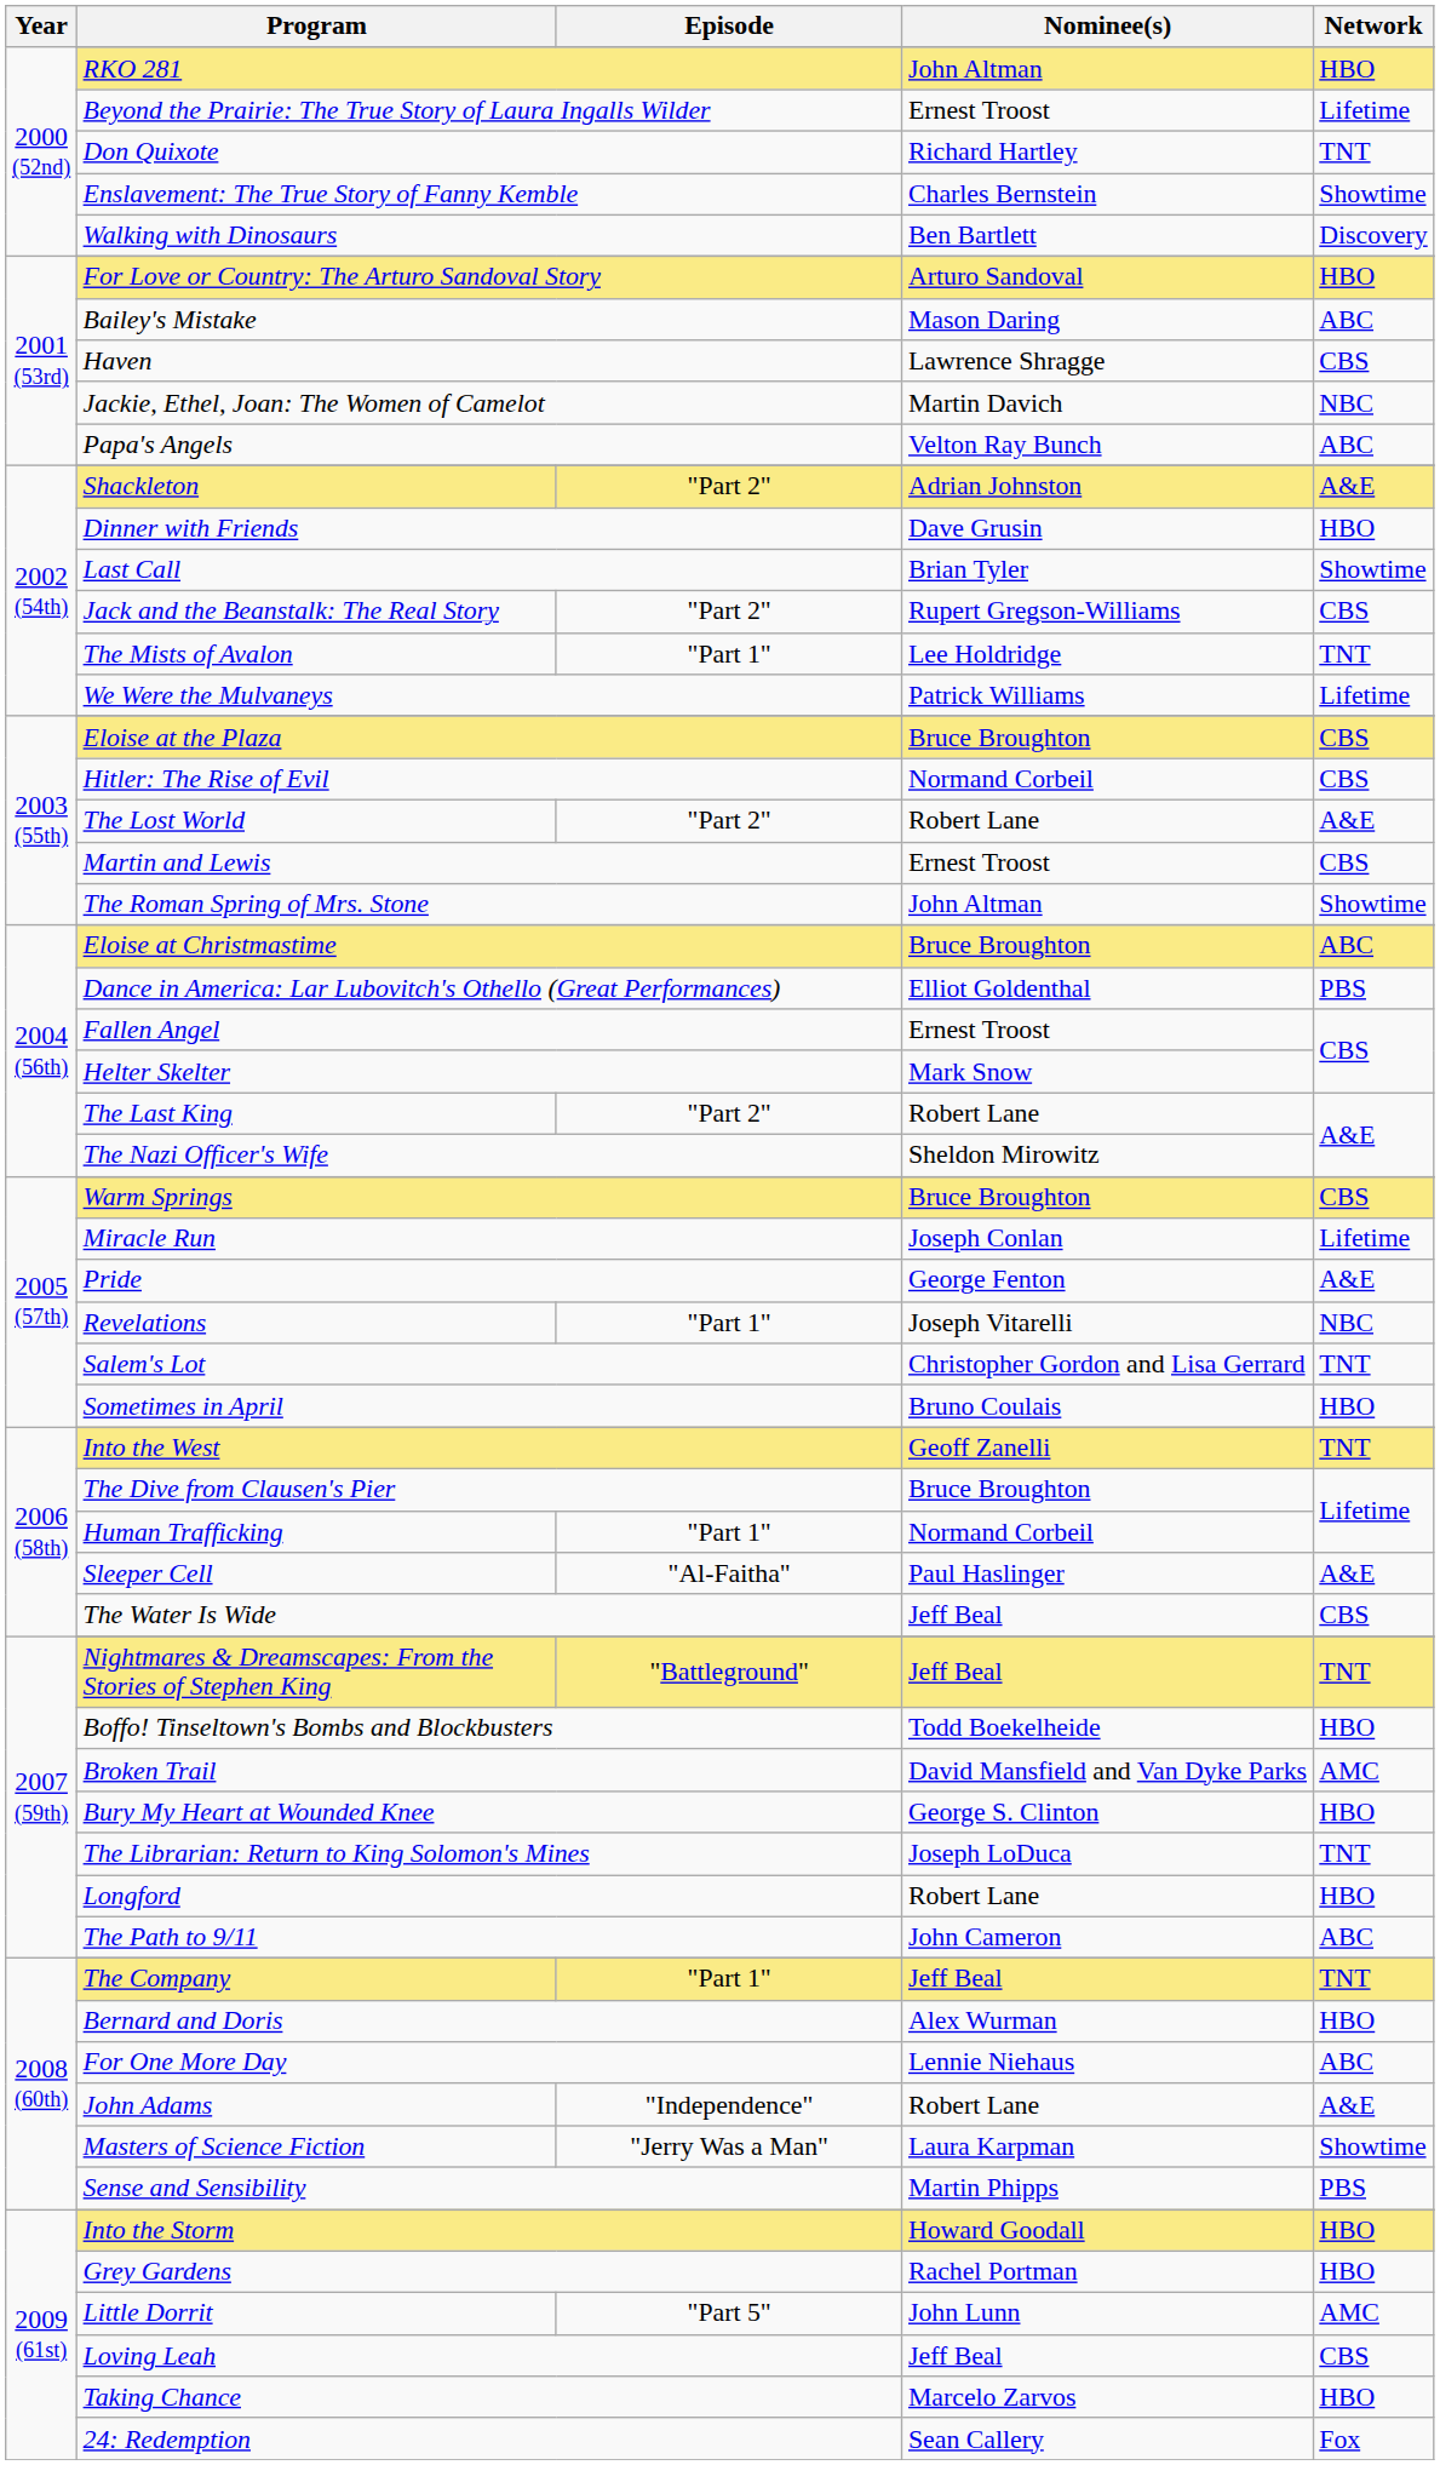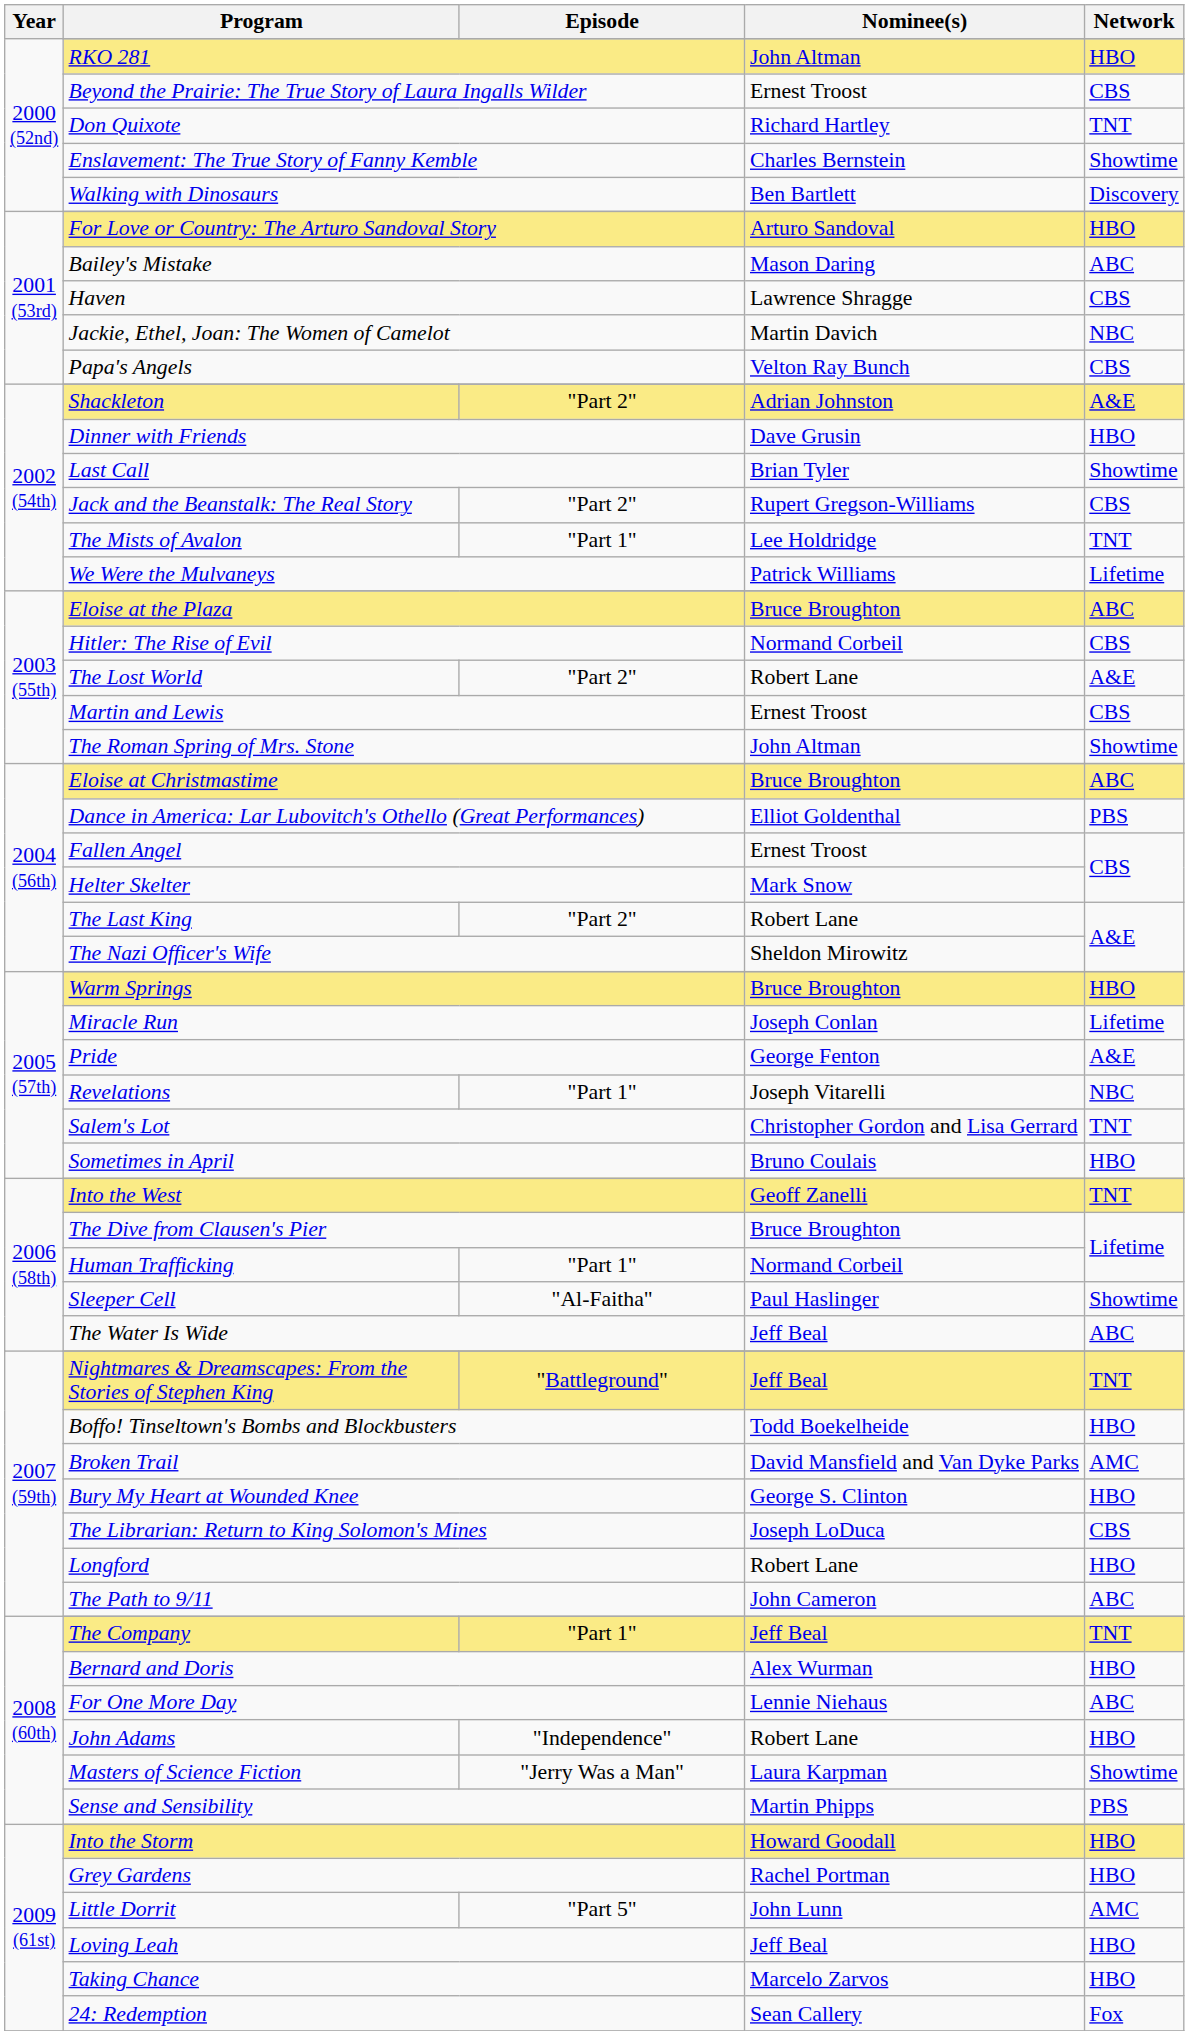 <table class="wikitable">
 <tr>
 <th width="5%">Year</th>
 <th width="35%">Program</th>
 <th width="25%">Episode</th>
 <th width="30%">Nominee(s)</th>
 <th width="5%">Network</th>
 </tr>
 <tr>
 <td rowspan="6" style="text-align:center;"><a href='#'>2000</a><br><small><a href='#'>(52nd)</a></small><br></td>
 </tr>
 <tr style="background:#FAEB86">
 <td colspan=2><em><a href='#'>RKO 281</a></em></td>
 <td><a href='#'>John Altman</a></td>
 <td><a href='#'>HBO</a></td>
 </tr>
 <tr>
 <td colspan=2><em><a href='#'>Beyond the Prairie: The True Story of Laura Ingalls Wilder</a></em></td>
 <td>Ernest Troost</td>
-<td><a href='#'>Lifetime</a></td>
+<td><a href='#'>CBS</a></td>
 </tr>
 <tr>
 <td colspan=2><em><a href='#'>Don Quixote</a></em></td>
 <td><a href='#'>Richard Hartley</a></td>
 <td><a href='#'>TNT</a></td>
 </tr>
 <tr>
 <td colspan=2><em><a href='#'>Enslavement: The True Story of Fanny Kemble</a></em></td>
 <td><a href='#'>Charles Bernstein</a></td>
 <td><a href='#'>Showtime</a></td>
 </tr>
 <tr>
 <td colspan=2><em><a href='#'>Walking with Dinosaurs</a></em></td>
 <td><a href='#'>Ben Bartlett</a></td>
 <td><a href='#'>Discovery</a></td>
 </tr>
 <tr>
 <td rowspan="6" style="text-align:center;"><a href='#'>2001</a><br><small><a href='#'>(53rd)</a></small><br></td>
 </tr>
 <tr style="background:#FAEB86">
 <td style="background:#FAEB86;" colspan=2><em><a href='#'>For Love or Country: The Arturo Sandoval Story</a></em></td>
 <td><a href='#'>Arturo Sandoval</a></td>
 <td><a href='#'>HBO</a></td>
 </tr>
 <tr>
 <td colspan=2><em>Bailey's Mistake</em></td>
 <td><a href='#'>Mason Daring</a></td>
 <td><a href='#'>ABC</a></td>
 </tr>
 <tr>
 <td colspan=2><em>Haven</em></td>
 <td>Lawrence Shragge</td>
 <td><a href='#'>CBS</a></td>
 </tr>
 <tr>
 <td colspan=2><em>Jackie, Ethel, Joan: The Women of Camelot</em></td>
 <td>Martin Davich</td>
 <td><a href='#'>NBC</a></td>
 </tr>
 <tr>
 <td colspan=2><em>Papa's Angels</em></td>
 <td><a href='#'>Velton Ray Bunch</a></td>
-<td><a href='#'>ABC</a></td>
+<td><a href='#'>CBS</a></td>
 </tr>
 <tr>
 <td rowspan="7" style="text-align:center;"><a href='#'>2002</a><br><small><a href='#'>(54th)</a></small><br></td>
 </tr>
 <tr style="background:#FAEB86">
 <td><em><a href='#'>Shackleton</a></em></td>
 <td align=center>"Part 2"</td>
 <td><a href='#'>Adrian Johnston</a></td>
 <td><a href='#'>A&E</a></td>
 </tr>
 <tr>
 <td colspan=2><em><a href='#'>Dinner with Friends</a></em></td>
 <td><a href='#'>Dave Grusin</a></td>
 <td><a href='#'>HBO</a></td>
 </tr>
 <tr>
 <td colspan=2><em><a href='#'>Last Call</a></em></td>
 <td><a href='#'>Brian Tyler</a></td>
 <td><a href='#'>Showtime</a></td>
 </tr>
 <tr>
 <td><em><a href='#'>Jack and the Beanstalk: The Real Story</a></em></td>
 <td align=center>"Part 2"</td>
 <td><a href='#'>Rupert Gregson-Williams</a></td>
 <td><a href='#'>CBS</a></td>
 </tr>
 <tr>
 <td><em><a href='#'>The Mists of Avalon</a></em></td>
 <td align=center>"Part 1"</td>
 <td><a href='#'>Lee Holdridge</a></td>
 <td><a href='#'>TNT</a></td>
 </tr>
 <tr>
 <td colspan=2><em><a href='#'>We Were the Mulvaneys</a></em></td>
 <td><a href='#'>Patrick Williams</a></td>
 <td><a href='#'>Lifetime</a></td>
 </tr>
 <tr>
 <td rowspan="6" style="text-align:center;"><a href='#'>2003</a><br><small><a href='#'>(55th)</a></small><br></td>
 </tr>
 <tr style="background:#FAEB86">
 <td colspan=2><em><a href='#'>Eloise at the Plaza</a></em></td>
 <td><a href='#'>Bruce Broughton</a></td>
-<td><a href='#'>CBS</a></td>
+<td><a href='#'>ABC</a></td>
 </tr>
 <tr>
 <td colspan=2><em><a href='#'>Hitler: The Rise of Evil</a></em></td>
 <td><a href='#'>Normand Corbeil</a></td>
 <td><a href='#'>CBS</a></td>
 </tr>
 <tr>
 <td><em><a href='#'>The Lost World</a></em></td>
 <td align=center>"Part 2"</td>
 <td>Robert Lane</td>
 <td><a href='#'>A&E</a></td>
 </tr>
 <tr>
 <td colspan=2><em><a href='#'>Martin and Lewis</a></em></td>
 <td>Ernest Troost</td>
 <td><a href='#'>CBS</a></td>
 </tr>
 <tr>
 <td colspan=2><em><a href='#'>The Roman Spring of Mrs. Stone</a></em></td>
 <td><a href='#'>John Altman</a></td>
 <td><a href='#'>Showtime</a></td>
 </tr>
 <tr>
 <td rowspan="7" style="text-align:center;"><a href='#'>2004</a><br><small><a href='#'>(56th)</a></small><br></td>
 </tr>
 <tr style="background:#FAEB86">
 <td colspan=2><em><a href='#'>Eloise at Christmastime</a></em></td>
 <td><a href='#'>Bruce Broughton</a></td>
 <td><a href='#'>ABC</a></td>
 </tr>
 <tr>
 <td colspan=2><em><a href='#'>Dance in America: Lar Lubovitch's Othello</a> (<a href='#'>Great Performances</a>)</em></td>
 <td><a href='#'>Elliot Goldenthal</a></td>
 <td><a href='#'>PBS</a></td>
 </tr>
 <tr>
 <td colspan=2><em><a href='#'>Fallen Angel</a></em></td>
 <td>Ernest Troost</td>
 <td rowspan=2><a href='#'>CBS</a></td>
 </tr>
 <tr>
 <td colspan=2><em><a href='#'>Helter Skelter</a></em></td>
 <td><a href='#'>Mark Snow</a></td>
 </tr>
 <tr>
 <td><em><a href='#'>The Last King</a></em></td>
 <td align=center>"Part 2"</td>
 <td>Robert Lane</td>
 <td rowspan=2><a href='#'>A&E</a></td>
 </tr>
 <tr>
 <td colspan=2><em><a href='#'>The Nazi Officer's Wife</a></em></td>
 <td>Sheldon Mirowitz</td>
 </tr>
 <tr>
 <td rowspan="7" style="text-align:center;"><a href='#'>2005</a><br><small><a href='#'>(57th)</a></small><br></td>
 </tr>
 <tr style="background:#FAEB86">
 <td colspan=2><em><a href='#'>Warm Springs</a></em></td>
 <td><a href='#'>Bruce Broughton</a></td>
-<td><a href='#'>CBS</a></td>
+<td><a href='#'>HBO</a></td>
 </tr>
 <tr>
 <td colspan=2><em><a href='#'>Miracle Run</a></em></td>
 <td><a href='#'>Joseph Conlan</a></td>
 <td><a href='#'>Lifetime</a></td>
 </tr>
 <tr>
 <td colspan=2><em><a href='#'>Pride</a></em></td>
 <td><a href='#'>George Fenton</a></td>
 <td><a href='#'>A&E</a></td>
 </tr>
 <tr>
 <td><em><a href='#'>Revelations</a></em></td>
 <td align=center>"Part 1"</td>
 <td>Joseph Vitarelli</td>
 <td><a href='#'>NBC</a></td>
 </tr>
 <tr>
 <td colspan=2><em><a href='#'>Salem's Lot</a></em></td>
 <td><a href='#'>Christopher Gordon</a> and <a href='#'>Lisa Gerrard</a></td>
 <td><a href='#'>TNT</a></td>
 </tr>
 <tr>
 <td colspan=2><em><a href='#'>Sometimes in April</a></em></td>
 <td><a href='#'>Bruno Coulais</a></td>
 <td><a href='#'>HBO</a></td>
 </tr>
 <tr>
 <td rowspan="6" style="text-align:center;"><a href='#'>2006</a><br><small><a href='#'>(58th)</a></small><br></td>
 </tr>
 <tr style="background:#FAEB86">
 <td colspan=2><em><a href='#'>Into the West</a></em></td>
 <td><a href='#'>Geoff Zanelli</a></td>
 <td><a href='#'>TNT</a></td>
 </tr>
 <tr>
 <td colspan=2><em><a href='#'>The Dive from Clausen's Pier</a></em></td>
 <td><a href='#'>Bruce Broughton</a></td>
 <td rowspan=2><a href='#'>Lifetime</a></td>
 </tr>
 <tr>
 <td><em><a href='#'>Human Trafficking</a></em></td>
 <td align=center>"Part 1"</td>
 <td><a href='#'>Normand Corbeil</a></td>
 </tr>
 <tr>
 <td><em><a href='#'>Sleeper Cell</a></em></td>
 <td align=center>"Al-Faitha"</td>
 <td><a href='#'>Paul Haslinger</a></td>
-<td><a href='#'>A&E</a></td>
+<td><a href='#'>Showtime</a></td>
 </tr>
 <tr>
 <td colspan=2><em>The Water Is Wide</em></td>
 <td><a href='#'>Jeff Beal</a></td>
-<td><a href='#'>CBS</a></td>
+<td><a href='#'>ABC</a></td>
 </tr>
 <tr>
 <td rowspan="8" style="text-align:center;"><a href='#'>2007</a><br><small><a href='#'>(59th)</a></small><br></td>
 </tr>
 <tr style="background:#FAEB86">
 <td><em><a href='#'>Nightmares & Dreamscapes: From the Stories of Stephen King</a></em></td>
 <td align=center>"<a href='#'>Battleground</a>"</td>
 <td><a href='#'>Jeff Beal</a></td>
 <td><a href='#'>TNT</a></td>
 </tr>
 <tr>
 <td colspan=2><em>Boffo! Tinseltown's Bombs and Blockbusters</em></td>
 <td><a href='#'>Todd Boekelheide</a></td>
 <td><a href='#'>HBO</a></td>
 </tr>
 <tr>
 <td colspan=2><em><a href='#'>Broken Trail</a></em></td>
 <td><a href='#'>David Mansfield</a> and <a href='#'>Van Dyke Parks</a></td>
 <td><a href='#'>AMC</a></td>
 </tr>
 <tr>
 <td colspan=2><em><a href='#'>Bury My Heart at Wounded Knee</a></em></td>
 <td><a href='#'>George S. Clinton</a></td>
 <td><a href='#'>HBO</a></td>
 </tr>
 <tr>
 <td colspan=2><em><a href='#'>The Librarian: Return to King Solomon's Mines</a></em></td>
 <td><a href='#'>Joseph LoDuca</a></td>
-<td><a href='#'>TNT</a></td>
+<td><a href='#'>CBS</a></td>
 </tr>
 <tr>
 <td colspan=2><em><a href='#'>Longford</a></em></td>
 <td>Robert Lane</td>
 <td><a href='#'>HBO</a></td>
 </tr>
 <tr>
 <td colspan=2><em><a href='#'>The Path to 9/11</a></em></td>
 <td><a href='#'>John Cameron</a></td>
 <td><a href='#'>ABC</a></td>
 </tr>
 <tr>
 <td rowspan="7" style="text-align:center;"><a href='#'>2008</a><br><small><a href='#'>(60th)</a></small><br></td>
 </tr>
 <tr style="background:#FAEB86">
 <td><em><a href='#'>The Company</a></em></td>
 <td align=center>"Part 1"</td>
 <td><a href='#'>Jeff Beal</a></td>
 <td><a href='#'>TNT</a></td>
 </tr>
 <tr>
 <td colspan=2><em><a href='#'>Bernard and Doris</a></em></td>
 <td><a href='#'>Alex Wurman</a></td>
 <td><a href='#'>HBO</a></td>
 </tr>
 <tr>
 <td colspan=2><em><a href='#'>For One More Day</a></em></td>
 <td><a href='#'>Lennie Niehaus</a></td>
 <td><a href='#'>ABC</a></td>
 </tr>
 <tr>
 <td><em><a href='#'>John Adams</a></em></td>
 <td align=center>"Independence"</td>
 <td>Robert Lane</td>
-<td><a href='#'>A&E</a></td>
+<td><a href='#'>HBO</a></td>
 </tr>
 <tr>
 <td><em><a href='#'>Masters of Science Fiction</a></em></td>
 <td align=center>"Jerry Was a Man"</td>
 <td><a href='#'>Laura Karpman</a></td>
 <td><a href='#'>Showtime</a></td>
 </tr>
 <tr>
 <td colspan=2><em><a href='#'>Sense and Sensibility</a></em></td>
 <td><a href='#'>Martin Phipps</a></td>
 <td><a href='#'>PBS</a></td>
 </tr>
 <tr>
 <td rowspan="7" style="text-align:center;"><a href='#'>2009</a><br><small><a href='#'>(61st)</a></small><br></td>
 </tr>
 <tr style="background:#FAEB86">
 <td colspan=2><em><a href='#'>Into the Storm</a></em></td>
 <td><a href='#'>Howard Goodall</a></td>
 <td><a href='#'>HBO</a></td>
 </tr>
 <tr>
 <td colspan=2><em><a href='#'>Grey Gardens</a></em></td>
 <td><a href='#'>Rachel Portman</a></td>
 <td><a href='#'>HBO</a></td>
 </tr>
 <tr>
 <td><em><a href='#'>Little Dorrit</a></em></td>
 <td align=center>"Part 5"</td>
 <td><a href='#'>John Lunn</a></td>
 <td><a href='#'>AMC</a></td>
 </tr>
 <tr>
 <td colspan=2><em><a href='#'>Loving Leah</a></em></td>
 <td><a href='#'>Jeff Beal</a></td>
-<td><a href='#'>CBS</a></td>
+<td><a href='#'>HBO</a></td>
 </tr>
 <tr>
 <td colspan=2><em><a href='#'>Taking Chance</a></em></td>
 <td><a href='#'>Marcelo Zarvos</a></td>
 <td><a href='#'>HBO</a></td>
 </tr>
 <tr>
 <td colspan=2><em><a href='#'>24: Redemption</a></em></td>
 <td><a href='#'>Sean Callery</a></td>
 <td><a href='#'>Fox</a></td>
 </tr>
 <tr>
 </tr>
 </table>
